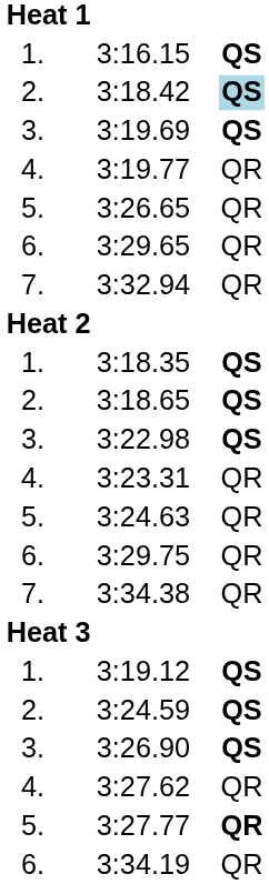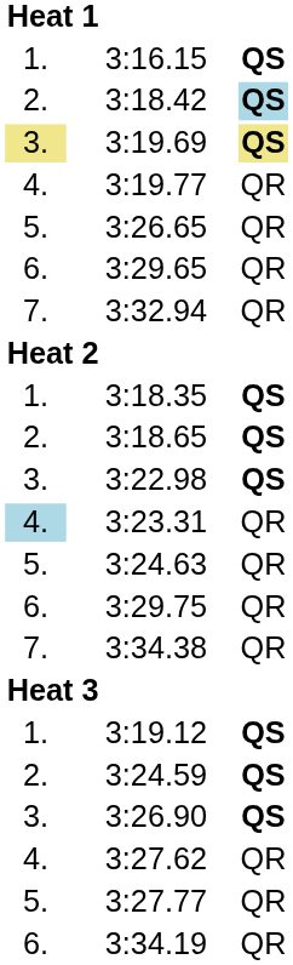 <table style="text-align:center">
 <tr>
 <td colspan=4 align=left><strong>Heat 1</strong></td>
 </tr>
 <tr>
 <td width=30>1.</td>
 <td align=left></td>
 <td width=80>3:16.15</td>
 <td><strong>QS</strong></td>
 </tr>
 <tr>
 <td>2.</td>
 <td align=left></td>
 <td>3:18.42</td>
 <td style="background: lightblue;"><strong>QS</strong></td>
 </tr>
 <tr>
-<td>3.</td>
+<td style="background: khaki;">3.</td>
 <td align=left></td>
 <td>3:19.69</td>
-<td><strong>QS</strong></td>
+<td style="background: khaki;"><strong>QS</strong></td>
 </tr>
 <tr>
 <td>4.</td>
 <td align=left></td>
 <td>3:19.77</td>
 <td>QR</td>
 </tr>
 <tr>
 <td>5.</td>
 <td align=left></td>
 <td>3:26.65</td>
 <td>QR</td>
 </tr>
 <tr>
 <td>6.</td>
 <td align=left></td>
 <td>3:29.65</td>
 <td>QR</td>
 </tr>
 <tr>
 <td>7.</td>
 <td align=left></td>
 <td>3:32.94</td>
 <td>QR</td>
 </tr>
 <tr>
 <td colspan=4 align=left><strong>Heat 2</strong></td>
 </tr>
 <tr>
 <td>1.</td>
 <td align=left></td>
 <td>3:18.35</td>
 <td><strong>QS</strong></td>
 </tr>
 <tr>
 <td>2.</td>
 <td align=left></td>
 <td>3:18.65</td>
 <td><strong>QS</strong></td>
 </tr>
 <tr>
 <td>3.</td>
 <td align=left></td>
 <td>3:22.98</td>
 <td><strong>QS</strong></td>
 </tr>
 <tr>
-<td>4.</td>
+<td style="background: lightblue;">4.</td>
 <td align=left></td>
 <td>3:23.31</td>
 <td>QR</td>
 </tr>
 <tr>
 <td>5.</td>
 <td align=left></td>
 <td>3:24.63</td>
 <td>QR</td>
 </tr>
 <tr>
 <td>6.</td>
 <td align=left></td>
 <td>3:29.75</td>
 <td>QR</td>
 </tr>
 <tr>
 <td>7.</td>
 <td align=left></td>
 <td>3:34.38</td>
 <td>QR</td>
 </tr>
 <tr>
 <td colspan=4 align=left><strong>Heat 3</strong></td>
 </tr>
 <tr>
 <td>1.</td>
 <td align=left></td>
 <td>3:19.12</td>
 <td><strong>QS</strong></td>
 </tr>
 <tr>
 <td>2.</td>
 <td align=left></td>
 <td>3:24.59</td>
 <td><strong>QS</strong></td>
 </tr>
 <tr>
 <td>3.</td>
 <td align=left></td>
 <td>3:26.90</td>
 <td><strong>QS</strong></td>
 </tr>
 <tr>
 <td>4.</td>
 <td align=left></td>
 <td>3:27.62</td>
 <td>QR</td>
 </tr>
 <tr>
 <td>5.</td>
 <td align=left></td>
 <td>3:27.77</td>
-<td><strong>QR</strong></td>
+<td>QR</td>
 </tr>
 <tr>
 <td>6.</td>
 <td align=left></td>
 <td>3:34.19</td>
 <td>QR</td>
 </tr>
 </table>
